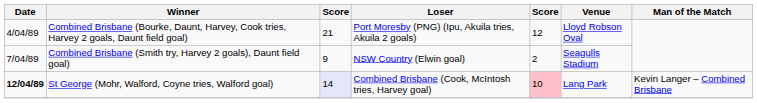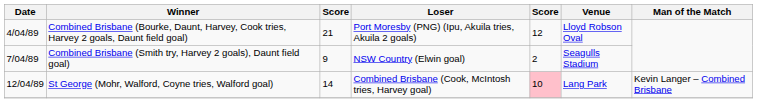 <table class="wikitable">
 <tr style="background:#efefef">
 <th>Date</th>
 <th>Winner</th>
 <th>Score</th>
 <th>Loser</th>
 <th>Score</th>
 <th>Venue</th>
 <th>Man of the Match</th>
 </tr>
 <tr>
 <td>4/04/89</td>
 <td>	<a href='#'>Combined Brisbane</a> (Bourke, Daunt, Harvey, Cook tries, Harvey 2 goals, Daunt field goal)</td>
 <td>21</td>
 <td> <a href='#'>Port Moresby</a> (PNG) (Ipu, Akuila tries, Akuila 2 goals)</td>
 <td>12</td>
 <td><a href='#'>Lloyd Robson Oval</a></td>
 </tr>
 <tr>
 <td>7/04/89</td>
 <td>	<a href='#'>Combined Brisbane</a> (Smith try, Harvey 2 goals), Daunt field goal)</td>
 <td>9</td>
 <td> <a href='#'>NSW Country</a> (Elwin goal)</td>
 <td>2</td>
 <td><a href='#'>Seagulls Stadium</a></td>
 </tr>
 <tr>
-<td><strong>12/04/89</strong></td>
+<td>12/04/89</td>
 <td> <a href='#'>St George</a> (Mohr, Walford, Coyne tries, Walford goal)</td>
-<td style="background: lavender;">14</td>
+<td>14</td>
 <td> <a href='#'>Combined Brisbane</a> (Cook, McIntosh tries, Harvey goal)</td>
 <td style="background: pink;">10</td>
 <td><a href='#'>Lang Park</a></td>
 <td>Kevin Langer – <a href='#'>Combined Brisbane</a></td>
 </tr>
 <tr>
 </tr>
 </table>
